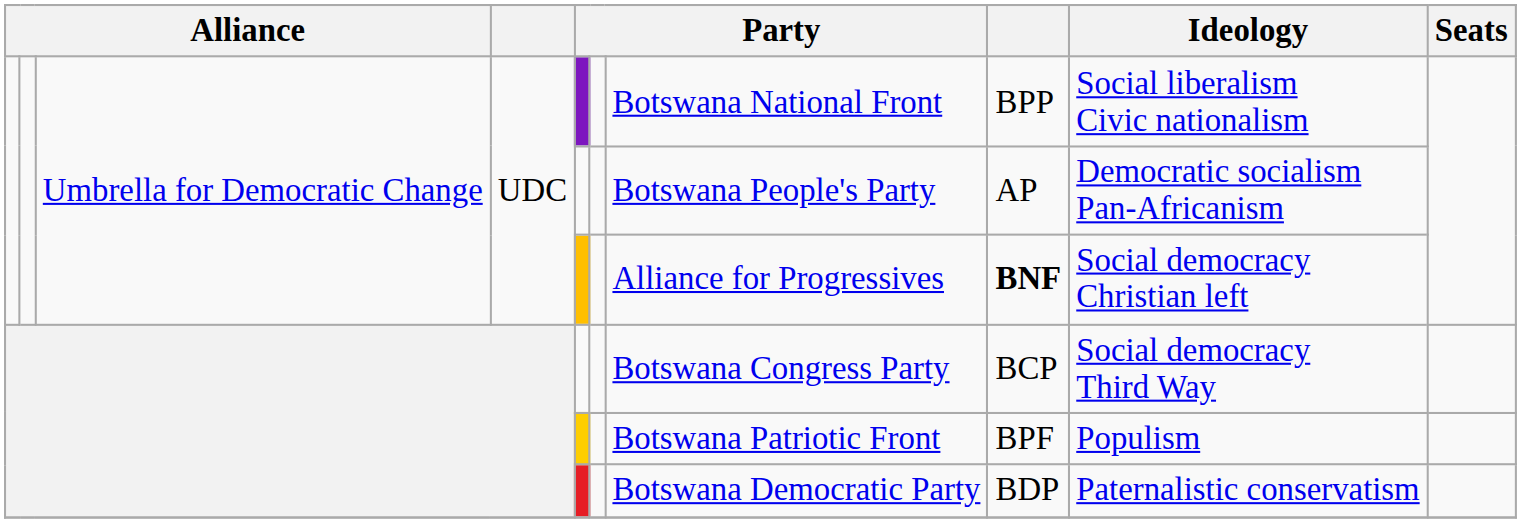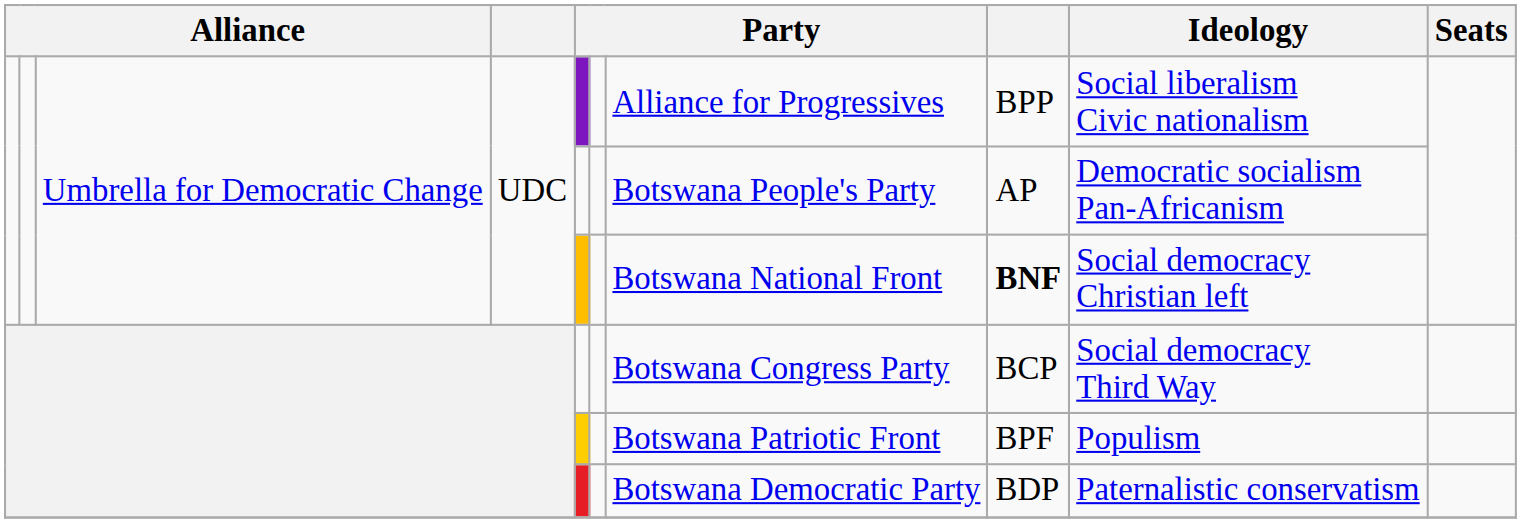 <table class="wikitable">
 <tr>
 <th colspan="3">Alliance</th>
 <th></th>
 <th colspan="3">Party</th>
 <th></th>
 <th>Ideology</th>
 <th>Seats</th>
 </tr>
 <tr>
 <td rowspan="3"></td>
 <td rowspan="3"></td>
 <td rowspan="3"><a href='#'>Umbrella for Democratic Change</a></td>
 <td rowspan="3">UDC</td>
 <td bgcolor="#7D16BF"></td>
 <td></td>
-<td><a href='#'>Botswana National Front</a></td>
+<td><a href='#'>Alliance for Progressives</a></td>
 <td>BPP</td>
 <td><a href='#'>Social liberalism</a><br><a href='#'>Civic nationalism</a></td>
 <td rowspan="3"></td>
 </tr>
 <tr>
 <td></td>
 <td></td>
 <td><a href='#'>Botswana People's Party</a></td>
 <td>AP</td>
 <td><a href='#'>Democratic socialism</a><br><a href='#'>Pan-Africanism</a></td>
 </tr>
 <tr>
 <td bgcolor="#FFBF00"></td>
 <td></td>
-<td><a href='#'>Alliance for Progressives</a></td>
+<td><a href='#'>Botswana National Front</a></td>
 <td><strong>BNF</strong></td>
 <td><a href='#'>Social democracy</a><br><a href='#'>Christian left</a></td>
 </tr>
 <tr>
 <th colspan="4" rowspan="3"></th>
 <td></td>
 <td></td>
 <td><a href='#'>Botswana Congress Party</a></td>
 <td>BCP</td>
 <td><a href='#'>Social democracy</a><br><a href='#'>Third Way</a></td>
 <td></td>
 </tr>
 <tr>
 <td bgcolor="#fece00"></td>
 <td></td>
 <td><a href='#'>Botswana Patriotic Front</a></td>
 <td>BPF</td>
 <td><a href='#'>Populism</a></td>
 <td></td>
 </tr>
 <tr Andiswa MO KE BOTSWANA MOO>
 <td bgcolor="#E61D25"></td>
 <td></td>
 <td><a href='#'>Botswana Democratic Party</a></td>
 <td>BDP</td>
 <td><a href='#'>Paternalistic conservatism</a></td>
 <td></td>
 </tr>
 <tr>
 </tr>
 </table>
